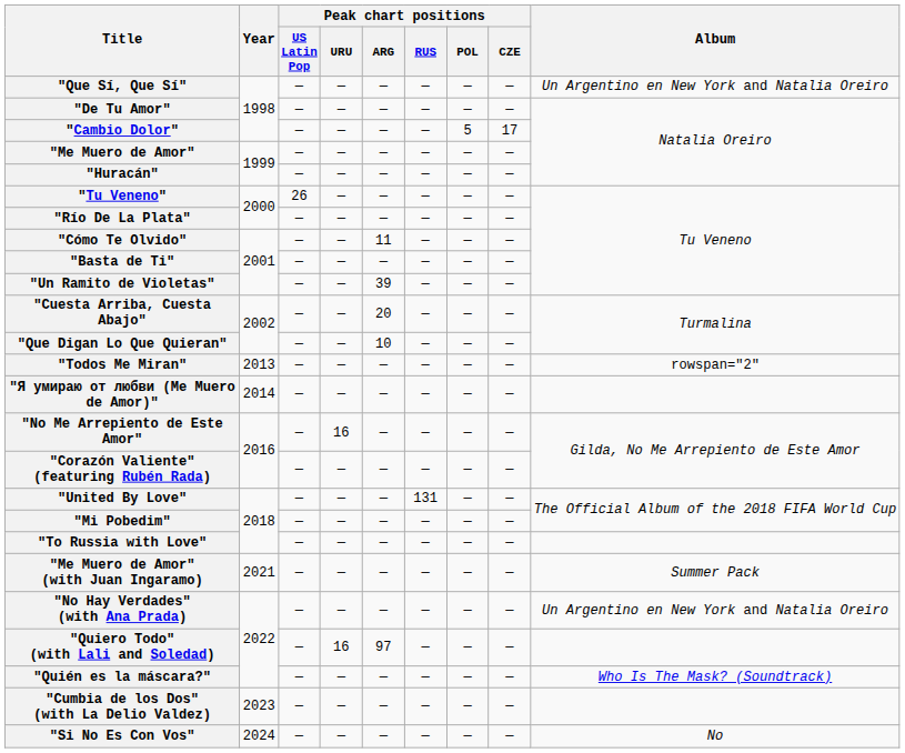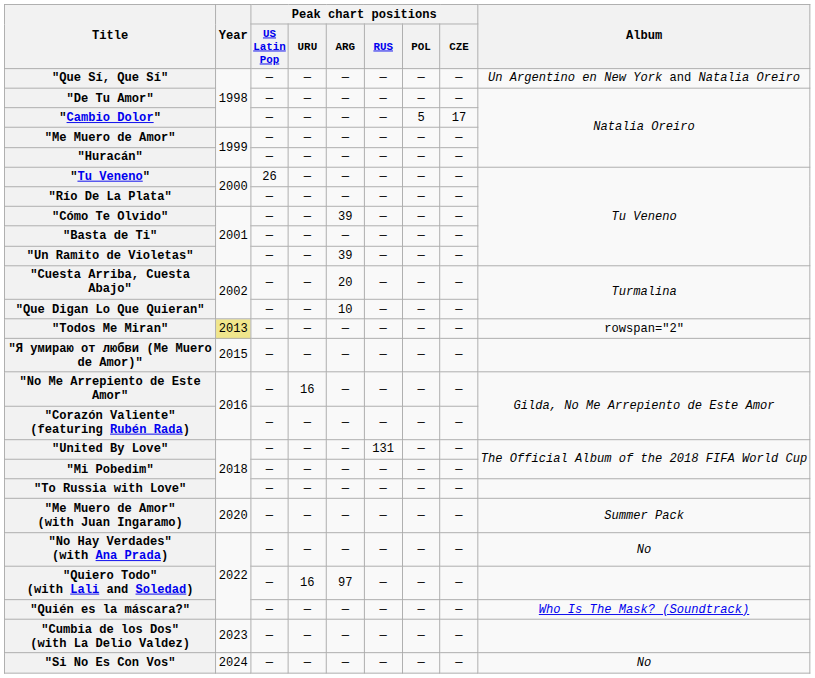 <table class="wikitable plainrowheaders" style="text-align:center;">
 <tr>
 <th scope="col" style="width:17em;" rowspan=2>Title</th>
 <th scope="col" rowspan=2>Year</th>
 <th colspan="6" scope="col">Peak chart positions</th>
 <th scope="col" rowspan=2>Album</th>
 </tr>
 <tr>
 <th scope="col" style="width:3em;font-size:90%;"><a href='#'>US<br>Latin Pop</a><br></th>
 <th scope="col" style="width:3em;font-size:90%;">URU<br></th>
 <th scope="col" style="width:3em;font-size:90%;">ARG</th>
 <th scope="col" style="width:3em;font-size:90%;"><a href='#'>RUS</a><br></th>
 <th scope="col" style="width:3em;font-size:90%;">POL</th>
 <th scope="col" style="width:3em;font-size:90%;">CZE</th>
 </tr>
 <tr>
 <th scope="row">"Que Sí, Que Sí"</th>
 <td rowspan=3>1998</td>
 <td>—</td>
 <td>—</td>
 <td>—</td>
 <td>—</td>
 <td>—</td>
 <td>—</td>
 <td><em>Un Argentino en New York</em> and <em>Natalia Oreiro</em></td>
 </tr>
 <tr>
 <th scope="row">"De Tu Amor"</th>
 <td>—</td>
 <td>—</td>
 <td>—</td>
 <td>—</td>
 <td>—</td>
 <td>—</td>
 <td rowspan="4"><em>Natalia Oreiro</em></td>
 </tr>
 <tr>
 <th scope="row">"<a href='#'>Cambio Dolor</a>"</th>
 <td>—</td>
 <td>—</td>
 <td>—</td>
 <td>—</td>
 <td>5</td>
 <td>17</td>
 </tr>
 <tr>
 <th scope="row">"Me Muero de Amor"</th>
 <td rowspan="2">1999</td>
 <td>—</td>
 <td>—</td>
 <td>—</td>
 <td>—</td>
 <td>—</td>
 <td>—</td>
 </tr>
 <tr>
 <th scope="row">"Huracán"</th>
 <td>—</td>
 <td>—</td>
 <td>—</td>
 <td>—</td>
 <td>—</td>
 <td>—</td>
 </tr>
 <tr>
 <th scope="row">"<a href='#'>Tu Veneno</a>"</th>
 <td rowspan="2">2000</td>
 <td>26</td>
 <td>—</td>
 <td>—</td>
 <td>—</td>
 <td>—</td>
 <td>—</td>
 <td rowspan="5"><em>Tu Veneno</em></td>
 </tr>
 <tr>
 <th scope="row">"Río De La Plata"</th>
 <td>—</td>
 <td>—</td>
 <td>—</td>
 <td>—</td>
 <td>—</td>
 <td>—</td>
 </tr>
 <tr>
 <th scope="row">"Cómo Te Olvido"</th>
 <td rowspan="3">2001</td>
 <td>—</td>
 <td>—</td>
-<td>11</td>
+<td>39</td>
 <td>—</td>
 <td>—</td>
 <td>—</td>
 </tr>
 <tr>
 <th scope="row">"Basta de Ti"</th>
 <td>—</td>
 <td>—</td>
 <td>—</td>
 <td>—</td>
 <td>—</td>
 <td>—</td>
 </tr>
 <tr>
 <th scope="row">"Un Ramito de Violetas"</th>
 <td>—</td>
 <td>—</td>
 <td>39</td>
 <td>—</td>
 <td>—</td>
 <td>—</td>
 </tr>
 <tr>
 <th scope="row">"Cuesta Arriba, Cuesta Abajo"</th>
 <td rowspan="2">2002</td>
 <td>—</td>
 <td>—</td>
 <td>20</td>
 <td>—</td>
 <td>—</td>
 <td>—</td>
 <td rowspan="2"><em>Turmalina</em></td>
 </tr>
 <tr>
 <th scope="row">"Que Digan Lo Que Quieran"</th>
 <td>—</td>
 <td>—</td>
 <td>10</td>
 <td>—</td>
 <td>—</td>
 <td>—</td>
 </tr>
 <tr>
 <th scope="row">"Todos Me Miran"</th>
-<td>2013</td>
+<td style="background: khaki;">2013</td>
 <td>—</td>
 <td>—</td>
 <td>—</td>
 <td>—</td>
 <td>—</td>
 <td>—</td>
 <td>rowspan="2" </td>
 </tr>
 <tr>
 <th scope="row">"Я умираю от любви (Me Muero de Amor)"</th>
-<td>2014</td>
+<td>2015</td>
 <td>—</td>
 <td>—</td>
 <td>—</td>
 <td>—</td>
 <td>—</td>
 <td>—</td>
 </tr>
 <tr>
 <th scope="row">"No Me Arrepiento de Este Amor"</th>
 <td rowspan="2">2016</td>
 <td>—</td>
 <td>16</td>
 <td>—</td>
 <td>—</td>
 <td>—</td>
 <td>—</td>
 <td rowspan="2"><em>Gilda, No Me Arrepiento de Este Amor</em></td>
 </tr>
 <tr>
 <th scope="row">"Corazón Valiente"<br><span>(featuring <a href='#'>Rubén Rada</a>)</span></th>
 <td>—</td>
 <td>—</td>
 <td>—</td>
 <td>—</td>
 <td>—</td>
 <td>—</td>
 </tr>
 <tr>
 <th scope="row">"United By Love"</th>
 <td rowspan="3">2018</td>
 <td>—</td>
 <td>—</td>
 <td>—</td>
 <td>131</td>
 <td>—</td>
 <td>—</td>
 <td rowspan="2"><em>The Official Album of the 2018 FIFA World Cup</em></td>
 </tr>
 <tr>
 <th scope="row">"Mi Pobedim"</th>
 <td>—</td>
 <td>—</td>
 <td>—</td>
 <td>—</td>
 <td>—</td>
 <td>—</td>
 </tr>
 <tr>
 <th scope="row">"To Russia with Love"</th>
 <td>—</td>
 <td>—</td>
 <td>—</td>
 <td>—</td>
 <td>—</td>
 <td>—</td>
 <td></td>
 </tr>
 <tr>
 <th scope="row">"Me Muero de Amor"<br><span>(with Juan Ingaramo)</span></th>
-<td>2021</td>
+<td>2020</td>
 <td>—</td>
 <td>—</td>
 <td>—</td>
 <td>—</td>
 <td>—</td>
 <td>—</td>
 <td><em>Summer Pack</em></td>
 </tr>
 <tr>
 <th scope="row">"No Hay Verdades"<br><span>(with <a href='#'>Ana Prada</a>)</span></th>
 <td rowspan="3">2022</td>
 <td>—</td>
 <td>—</td>
 <td>—</td>
 <td>—</td>
 <td>—</td>
 <td>—</td>
-<td><em>Un Argentino en New York</em> and <em>Natalia Oreiro</em></td>
+<td><em>No</em></td>
 </tr>
 <tr>
 <th scope="row">"Quiero Todo"<br><span>(with <a href='#'>Lali</a> and <a href='#'>Soledad</a>)</span></th>
 <td>—</td>
 <td>16</td>
 <td>97</td>
 <td>—</td>
 <td>—</td>
 <td>—</td>
 <td></td>
 </tr>
 <tr>
 <th scope="row">"Quién es la máscara?"</th>
 <td>—</td>
 <td>—</td>
 <td>—</td>
 <td>—</td>
 <td>—</td>
 <td>—</td>
 <td><em><a href='#'>Who Is The Mask? (Soundtrack)</a></em></td>
 </tr>
 <tr>
 <th scope="row">"Cumbia de los Dos"<br><span>(with La Delio Valdez)</span></th>
 <td rowspan="1">2023</td>
 <td>—</td>
 <td>—</td>
 <td>—</td>
 <td>—</td>
 <td>—</td>
 <td>—</td>
 <td></td>
 </tr>
 <tr>
 <th scope="row">"Si No Es Con Vos"</th>
 <td rowspan="1">2024</td>
 <td>—</td>
 <td>—</td>
 <td>—</td>
 <td>—</td>
 <td>—</td>
 <td>—</td>
 <td><em>No</em></td>
 </tr>
 </table>
